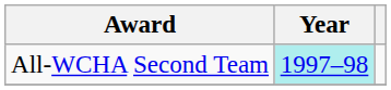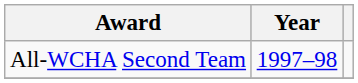 <table class="wikitable">
 <tr>
 <th>Award</th>
 <th>Year</th>
 <th></th>
 </tr>
 <tr>
 <td>All-<a href='#'>WCHA</a> <a href='#'>Second Team</a></td>
-<td style="background: paleturquoise;"><a href='#'>1997–98</a></td>
+<td><a href='#'>1997–98</a></td>
 <td></td>
 </tr>
 <tr>
 </tr>
 </table>
